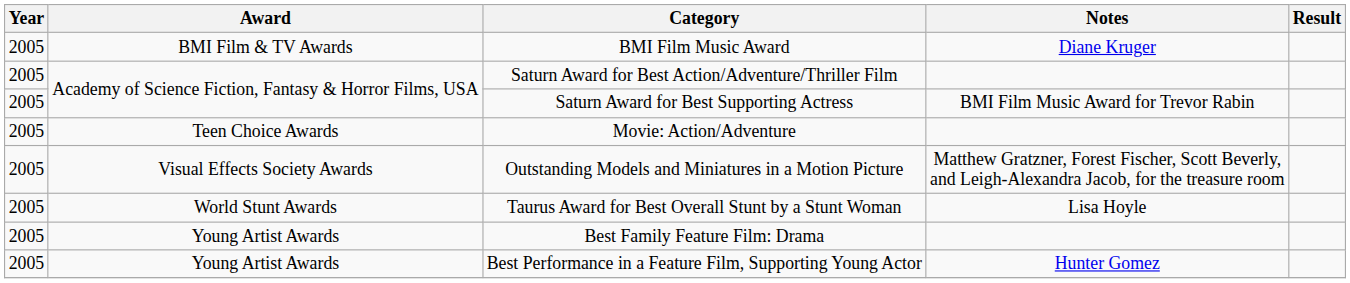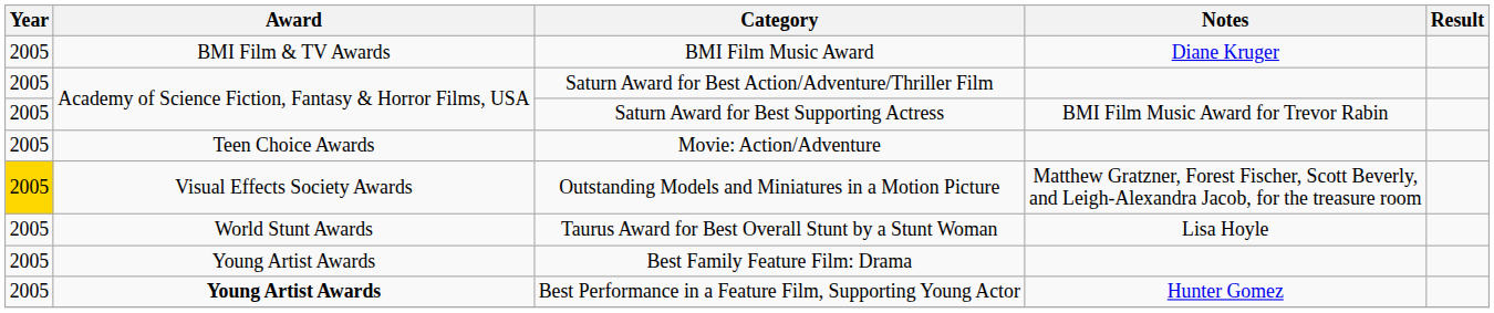 <table class="wikitable sortable" border="1" style="text-align: center">
 <tr>
 <th>Year</th>
 <th>Award</th>
 <th>Category</th>
 <th>Notes</th>
 <th>Result</th>
 </tr>
 <tr>
 <td>2005</td>
 <td>BMI Film & TV Awards</td>
 <td>BMI Film Music Award</td>
 <td><a href='#'>Diane Kruger</a></td>
 <td></td>
 </tr>
 <tr>
 <td>2005</td>
 <td rowspan="2">Academy of Science Fiction, Fantasy & Horror Films, USA</td>
 <td>Saturn Award for Best Action/Adventure/Thriller Film</td>
 <td></td>
 <td></td>
 </tr>
 <tr>
 <td>2005</td>
 <td>Saturn Award for Best Supporting Actress</td>
 <td>BMI Film Music Award for Trevor Rabin</td>
 <td></td>
 </tr>
 <tr>
 <td>2005</td>
 <td>Teen Choice Awards</td>
 <td>Movie: Action/Adventure</td>
 <td></td>
 <td></td>
 </tr>
 <tr>
-<td>2005</td>
+<td style="background: gold;">2005</td>
 <td>Visual Effects Society Awards</td>
 <td>Outstanding Models and Miniatures in a Motion Picture</td>
 <td>Matthew Gratzner, Forest Fischer, Scott Beverly,<br>and Leigh-Alexandra Jacob, for the treasure room</td>
 <td></td>
 </tr>
 <tr>
 <td>2005</td>
 <td>World Stunt Awards</td>
 <td>Taurus Award for Best Overall Stunt by a Stunt Woman</td>
 <td>Lisa Hoyle</td>
 <td></td>
 </tr>
 <tr>
 <td>2005</td>
 <td>Young Artist Awards</td>
 <td>Best Family Feature Film: Drama</td>
 <td></td>
 <td></td>
 </tr>
 <tr>
 <td>2005</td>
-<td>Young Artist Awards</td>
+<td><strong>Young Artist Awards</strong></td>
 <td>Best Performance in a Feature Film, Supporting Young Actor</td>
 <td><a href='#'>Hunter Gomez</a></td>
 <td></td>
 </tr>
 <tr>
 </tr>
 </table>
